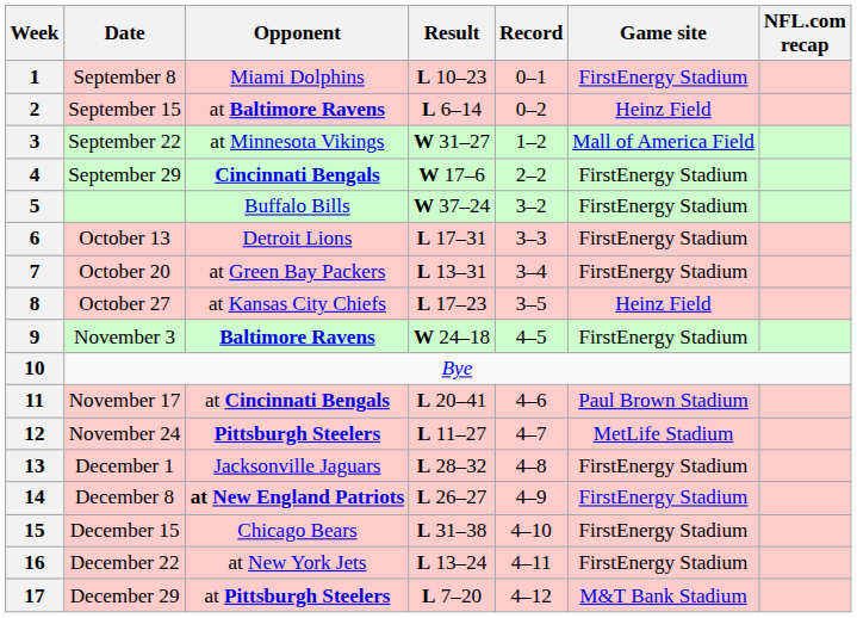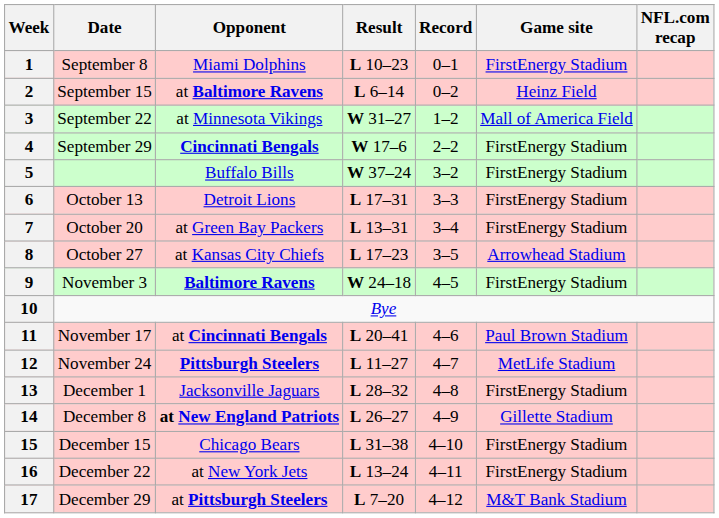 <table class="wikitable" style="text-align:center">
 <tr>
 <th>Week</th>
 <th>Date</th>
 <th>Opponent</th>
 <th>Result</th>
 <th>Record</th>
 <th>Game site</th>
 <th>NFL.com<br>recap</th>
 </tr>
 <tr style="background:#fcc; text-align:center;">
 <th>1</th>
 <td>September 8</td>
 <td><a href='#'>Miami Dolphins</a></td>
 <td><strong>L</strong> 10–23</td>
 <td>0–1</td>
 <td><a href='#'>FirstEnergy Stadium</a></td>
 <td></td>
 </tr>
 <tr style="background:#fcc; text-align:center;">
 <th>2</th>
 <td>September 15</td>
 <td>at <strong><a href='#'>Baltimore Ravens</a></strong></td>
 <td><strong>L</strong> 6–14</td>
 <td>0–2</td>
 <td><a href='#'>Heinz Field</a></td>
 <td></td>
 </tr>
 <tr style="background:#cfc; text-align:center;">
 <th>3</th>
 <td>September 22</td>
 <td>at <a href='#'>Minnesota Vikings</a></td>
 <td><strong>W</strong> 31–27</td>
 <td>1–2</td>
 <td><a href='#'>Mall of America Field</a></td>
 <td></td>
 </tr>
 <tr style="background:#cfc; text-align:center;">
 <th>4</th>
 <td>September 29</td>
 <td><strong><a href='#'>Cincinnati Bengals</a></strong></td>
 <td><strong>W</strong> 17–6</td>
 <td>2–2</td>
 <td>FirstEnergy Stadium</td>
 <td></td>
 </tr>
 <tr style="background:#cfc; text-align:center;">
 <th>5</th>
 <td></td>
 <td><a href='#'>Buffalo Bills</a></td>
 <td><strong>W</strong> 37–24</td>
 <td>3–2</td>
 <td>FirstEnergy Stadium</td>
 <td></td>
 </tr>
 <tr style="background:#fcc; text-align:center;">
 <th>6</th>
 <td>October 13</td>
 <td><a href='#'>Detroit Lions</a></td>
 <td><strong>L</strong> 17–31</td>
 <td>3–3</td>
 <td>FirstEnergy Stadium</td>
 <td></td>
 </tr>
 <tr style="background:#fcc; text-align:center;">
 <th>7</th>
 <td>October 20</td>
 <td>at <a href='#'>Green Bay Packers</a></td>
 <td><strong>L</strong> 13–31</td>
 <td>3–4</td>
 <td>FirstEnergy Stadium</td>
 <td></td>
 </tr>
 <tr style="background:#fcc; text-align:center;">
 <th>8</th>
 <td>October 27</td>
 <td>at <a href='#'>Kansas City Chiefs</a></td>
 <td><strong>L</strong> 17–23</td>
 <td>3–5</td>
-<td><a href='#'>Heinz Field</a></td>
+<td><a href='#'>Arrowhead Stadium</a></td>
 <td></td>
 </tr>
 <tr style="background:#cfc; text-align:center;">
 <th>9</th>
 <td>November 3</td>
 <td><strong><a href='#'>Baltimore Ravens</a></strong></td>
 <td><strong>W</strong> 24–18</td>
 <td>4–5</td>
 <td>FirstEnergy Stadium</td>
 <td></td>
 </tr>
 <tr>
 <th>10</th>
 <td colspan="6" style="text-align:center;"><em><a href='#'>Bye</a></em></td>
 </tr>
 <tr style="background:#fcc; text-align:center;">
 <th>11</th>
 <td>November 17</td>
 <td>at <strong><a href='#'>Cincinnati Bengals</a></strong></td>
 <td><strong>L</strong> 20–41</td>
 <td>4–6</td>
 <td><a href='#'>Paul Brown Stadium</a></td>
 <td></td>
 </tr>
 <tr style="background:#fcc; text-align:center;">
 <th>12</th>
 <td>November 24</td>
 <td><strong><a href='#'>Pittsburgh Steelers</a></strong></td>
 <td><strong>L</strong> 11–27</td>
 <td>4–7</td>
 <td><a href='#'>MetLife Stadium</a></td>
 <td></td>
 </tr>
 <tr style="background:#fcc; text-align:center;">
 <th>13</th>
 <td>December 1</td>
 <td><a href='#'>Jacksonville Jaguars</a></td>
 <td><strong>L</strong> 28–32</td>
 <td>4–8</td>
 <td>FirstEnergy Stadium</td>
 <td></td>
 </tr>
 <tr style="background:#fcc; text-align:center;">
 <th>14</th>
 <td>December 8</td>
 <td><strong>at <a href='#'>New England Patriots</a></strong></td>
 <td><strong>L</strong> 26–27</td>
 <td>4–9</td>
-<td><a href='#'>FirstEnergy Stadium</a></td>
+<td><a href='#'>Gillette Stadium</a></td>
 <td></td>
 </tr>
 <tr style="background:#fcc; text-align:center;">
 <th>15</th>
 <td>December 15</td>
 <td><a href='#'>Chicago Bears</a></td>
 <td><strong>L</strong> 31–38</td>
 <td>4–10</td>
 <td>FirstEnergy Stadium</td>
 <td></td>
 </tr>
 <tr style="background:#fcc; text-align:center;">
 <th>16</th>
 <td>December 22</td>
 <td>at <a href='#'>New York Jets</a></td>
 <td><strong>L</strong> 13–24</td>
 <td>4–11</td>
 <td>FirstEnergy Stadium</td>
 <td></td>
 </tr>
 <tr style="background:#fcc; text-align:center;">
 <th>17</th>
 <td>December 29</td>
 <td>at <strong><a href='#'>Pittsburgh Steelers</a></strong></td>
 <td><strong>L</strong> 7–20</td>
 <td>4–12</td>
 <td><a href='#'>M&T Bank Stadium</a></td>
 <td></td>
 </tr>
 </table>
